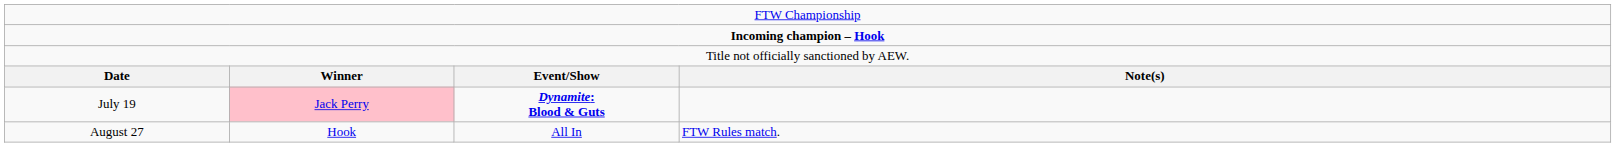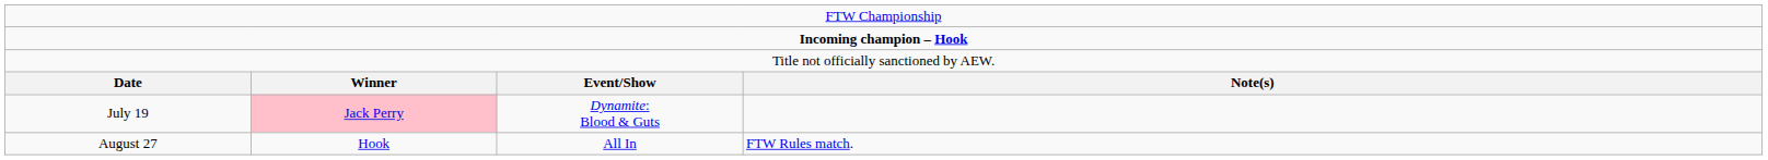 <table class="wikitable" style="text-align:center; width:100%;">
 <tr>
 <td colspan="4" style="text-align: center;"><a href='#'>FTW Championship</a></td>
 </tr>
 <tr>
 <td colspan="4" style="text-align: center;"><strong>Incoming champion – <a href='#'>Hook</a></strong></td>
 </tr>
 <tr>
 <td colspan="4">Title not officially sanctioned by AEW.</td>
 </tr>
 <tr>
 <th width=14%>Date</th>
 <th width=14%>Winner</th>
 <th width=14%>Event/Show</th>
 <th width=58%>Note(s)</th>
 </tr>
 <tr>
 <td>July 19</td>
 <td style="background: pink;"><a href='#'>Jack Perry</a></td>
-<td><strong><a href='#'><em>Dynamite</em>:<br>Blood & Guts</a></strong></td>
+<td><a href='#'><em>Dynamite</em>:<br>Blood & Guts</a></td>
 <td></td>
 </tr>
 <tr>
 <td>August 27</td>
 <td><a href='#'>Hook</a></td>
 <td><a href='#'>All In</a><br></td>
 <td align=left><a href='#'>FTW Rules match</a>.</td>
 </tr>
 </table>
